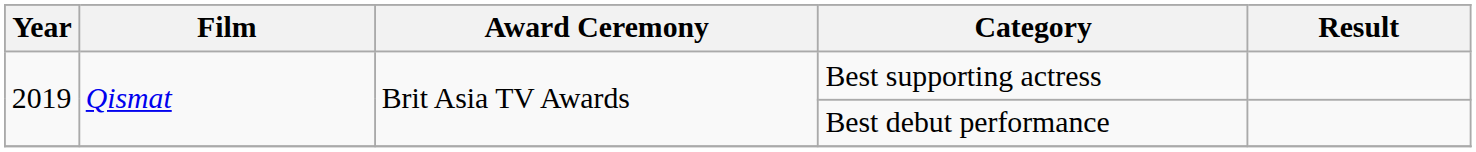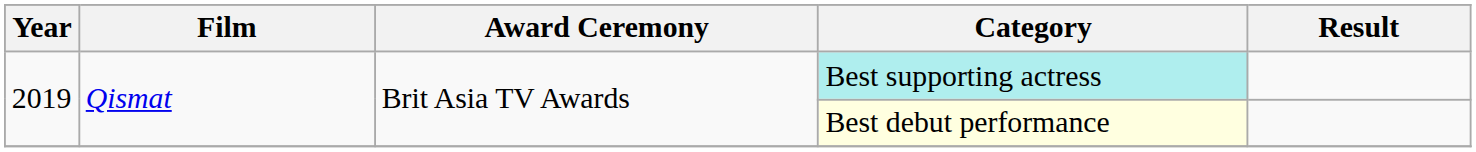 <table class="wikitable plainrowheaders">
 <tr>
 <th width=5%>Year</th>
 <th style="width:20%;">Film</th>
 <th style="width:30%;">Award Ceremony</th>
 <th style="width:29%;">Category</th>
 <th style="width:15%;">Result</th>
 </tr>
 <tr>
 <td rowspan="2">2019</td>
 <td rowspan="2"><em><a href='#'>Qismat</a></em></td>
 <td rowspan="2">Brit Asia TV Awards</td>
-<td>Best supporting actress</td>
+<td style="background: paleturquoise;">Best supporting actress</td>
 <td></td>
 </tr>
 <tr>
-<td>Best debut performance</td>
+<td style="background: lightyellow;">Best debut performance</td>
 <td></td>
 </tr>
 <tr>
 </tr>
 </table>
